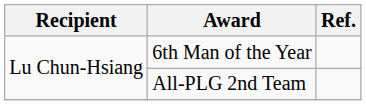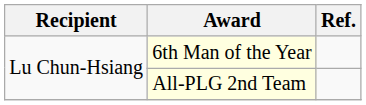 <table class="wikitable">
 <tr>
 <th>Recipient</th>
 <th>Award</th>
 <th>Ref.</th>
 </tr>
 <tr>
 <td rowspan=2>Lu Chun-Hsiang</td>
-<td>6th Man of the Year</td>
+<td style="background: lightyellow;">6th Man of the Year</td>
 <td></td>
 </tr>
 <tr>
-<td>All-PLG 2nd Team</td>
+<td style="background: lightyellow;">All-PLG 2nd Team</td>
 <td></td>
 </tr>
 <tr>
 </tr>
 </table>
